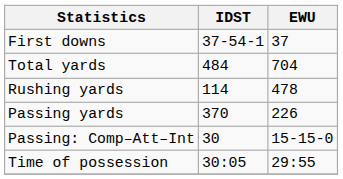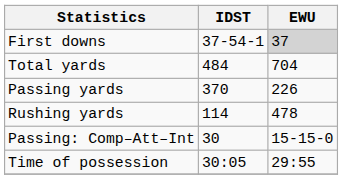 <table class="wikitable" style="float: left;">
 <tr>
 <th>Statistics</th>
 <th>IDST</th>
 <th>EWU</th>
 </tr>
 <tr>
 <td>First downs</td>
 <td>37-54-1</td>
-<td>37</td>
+<td style="background: lightgrey;">37</td>
 </tr>
 <tr>
 <td>Total yards</td>
 <td>484</td>
 <td>704</td>
 </tr>
 <tr>
+<td>Passing yards</td>
+<td>370</td>
+<td>226</td>
+</tr>
+<tr>
 <td>Rushing yards</td>
 <td>114</td>
 <td>478</td>
-</tr>
-<tr>
-<td>Passing yards</td>
-<td>370</td>
-<td>226</td>
 </tr>
 <tr>
 <td>Passing: Comp–Att–Int</td>
 <td>30</td>
 <td>15-15-0</td>
 </tr>
 <tr>
 <td>Time of possession</td>
 <td>30:05</td>
 <td>29:55</td>
 </tr>
 <tr>
 </tr>
 </table>
